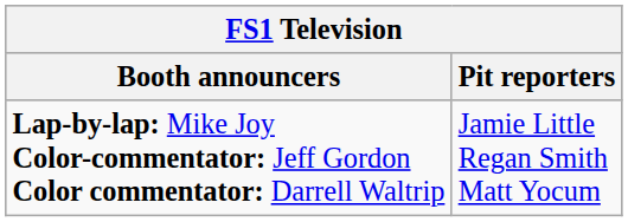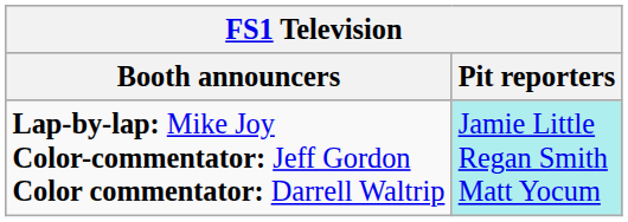 <table class="wikitable" style="font-size: 95%">
 <tr>
 <th colspan="2"><a href='#'>FS1</a> Television</th>
 </tr>
 <tr>
 <th>Booth announcers</th>
 <th>Pit reporters</th>
 </tr>
 <tr>
 <td><strong>Lap-by-lap:</strong> <a href='#'>Mike Joy</a> <br><strong>Color-commentator:</strong> <a href='#'>Jeff Gordon</a> <br><strong>Color commentator:</strong> <a href='#'>Darrell Waltrip</a></td>
-<td><a href='#'>Jamie Little</a><br><a href='#'>Regan Smith</a><br><a href='#'>Matt Yocum</a></td>
+<td style="background: paleturquoise;"><a href='#'>Jamie Little</a><br><a href='#'>Regan Smith</a><br><a href='#'>Matt Yocum</a></td>
 </tr>
 </table>
